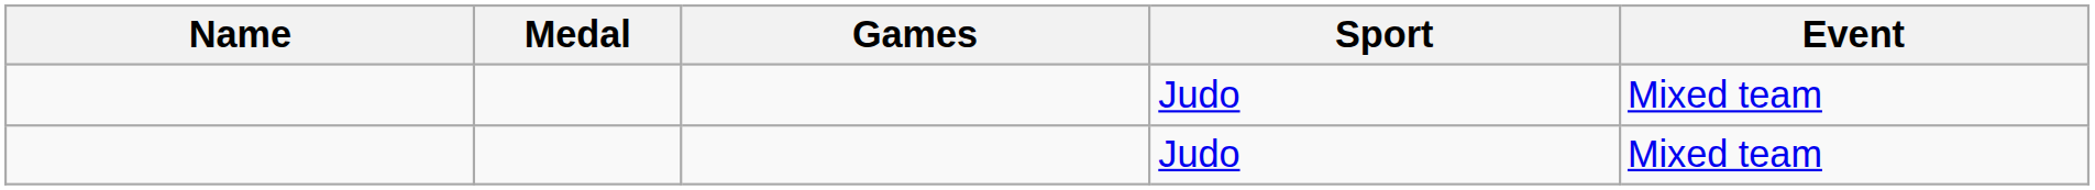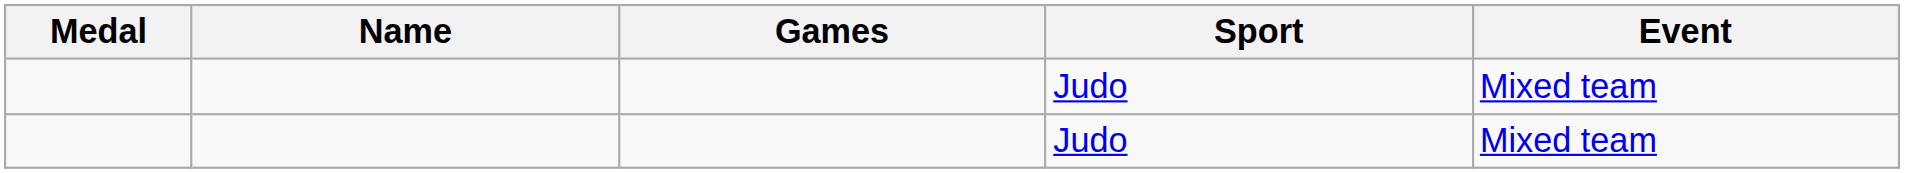 <table class="wikitable sortable">
 <tr>
+<th style="width:5em">Medal</th>
 <th style="width:12em">Name</th>
-<th style="width:5em">Medal</th>
 <th style="width:12em">Games</th>
 <th style="width:12em">Sport</th>
 <th style="width:12em">Event</th>
 </tr>
 <tr>
 <td></td>
 <td></td>
 <td></td>
 <td> <a href='#'>Judo</a></td>
 <td><a href='#'>Mixed team</a></td>
 </tr>
 <tr>
 <td></td>
 <td></td>
 <td></td>
 <td> <a href='#'>Judo</a></td>
 <td><a href='#'>Mixed team</a></td>
 </tr>
 </table>
